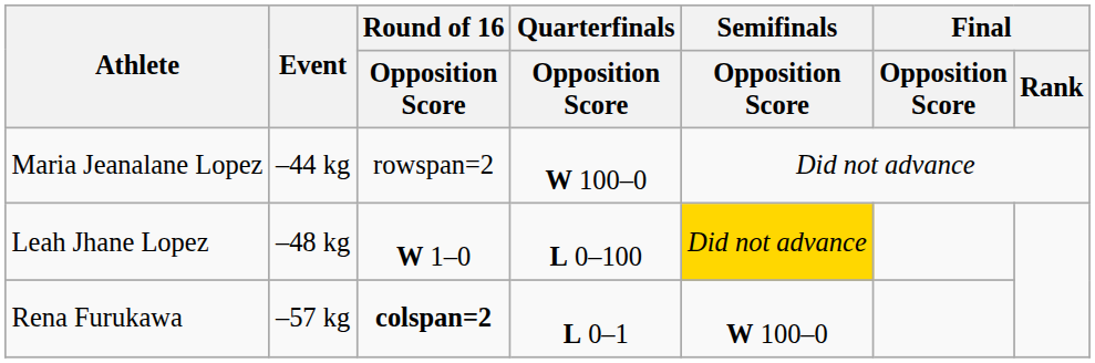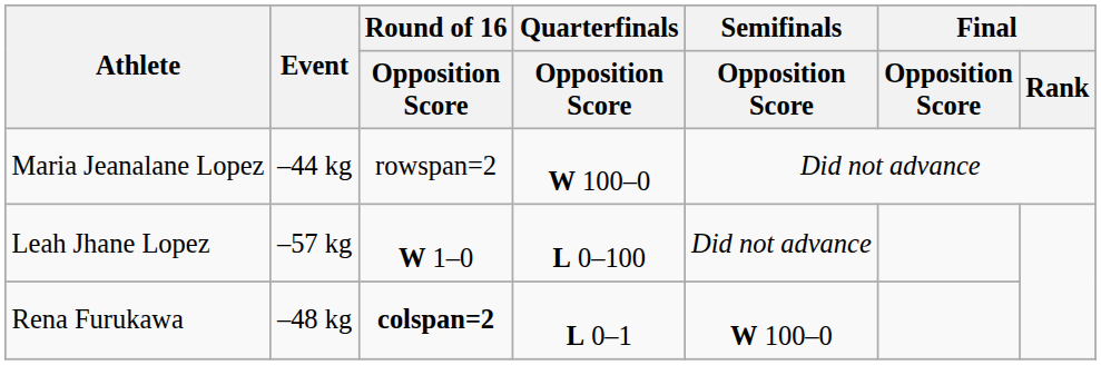 <table class="wikitable" style="font-size:90%">
 <tr>
 <th rowspan=2>Athlete</th>
 <th rowspan=2>Event</th>
 <th>Round of 16</th>
 <th>Quarterfinals</th>
 <th>Semifinals</th>
 <th colspan=2>Final</th>
 </tr>
 <tr style="font-size:95">
 <th>Opposition<br>Score</th>
 <th>Opposition<br>Score</th>
 <th>Opposition<br>Score</th>
 <th>Opposition<br>Score</th>
 <th>Rank</th>
 </tr>
 <tr align=center>
 <td align=left>Maria Jeanalane Lopez</td>
 <td align=left>–44 kg</td>
 <td>rowspan=2 </td>
 <td><br><strong>W</strong> 100–0</td>
 <td colspan=3><em>Did not advance</em></td>
 </tr>
 <tr align=center>
 <td align=left>Leah Jhane Lopez</td>
-<td align=left>–48 kg</td>
+<td align=left>–57 kg</td>
 <td><br><strong>W</strong> 1–0</td>
 <td><br><strong>L</strong> 0–100</td>
-<td style="background: gold;"><em>Did not advance</em></td>
+<td><em>Did not advance</em></td>
 <td></td>
 </tr>
 <tr align=center>
 <td align=left>Rena Furukawa</td>
-<td align=left>–57 kg</td>
+<td align=left>–48 kg</td>
 <td><strong>colspan=2 </strong></td>
 <td><br><strong>L</strong> 0–1</td>
 <td><br><strong>W</strong> 100–0</td>
 <td></td>
 </tr>
 </table>
